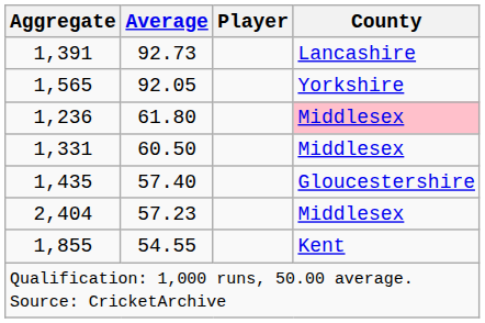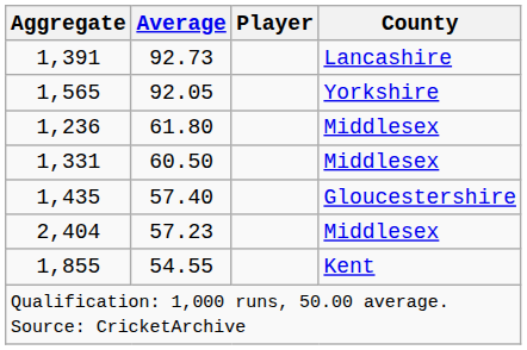 <table class="wikitable sortable" style="text-align:left;">
 <tr>
 <th>Aggregate</th>
 <th><a href='#'>Average</a></th>
 <th>Player</th>
 <th>County</th>
 </tr>
 <tr>
 <td style="text-align:center;">1,391</td>
 <td style="text-align:center;">92.73</td>
 <td></td>
 <td><a href='#'>Lancashire</a></td>
 </tr>
 <tr>
 <td style="text-align:center;">1,565</td>
 <td style="text-align:center;">92.05</td>
 <td></td>
 <td><a href='#'>Yorkshire</a></td>
 </tr>
 <tr>
 <td style="text-align:center;">1,236</td>
 <td style="text-align:center;">61.80</td>
 <td></td>
-<td style="background: pink;"><a href='#'>Middlesex</a></td>
+<td><a href='#'>Middlesex</a></td>
 </tr>
 <tr>
 <td style="text-align:center;">1,331</td>
 <td style="text-align:center;">60.50</td>
 <td></td>
 <td><a href='#'>Middlesex</a></td>
 </tr>
 <tr>
 <td style="text-align:center;">1,435</td>
 <td style="text-align:center;">57.40</td>
 <td></td>
 <td><a href='#'>Gloucestershire</a></td>
 </tr>
 <tr>
 <td style="text-align:center;">2,404</td>
 <td style="text-align:center;">57.23</td>
 <td></td>
 <td><a href='#'>Middlesex</a></td>
 </tr>
 <tr>
 <td style="text-align:center;">1,855</td>
 <td style="text-align:center;">54.55</td>
 <td></td>
 <td><a href='#'>Kent</a></td>
 </tr>
 <tr class="unsortable">
 <td colspan=4 align="left"><small>Qualification: 1,000 runs, 50.00 average.<br>Source: CricketArchive</small></td>
 </tr>
 </table>
